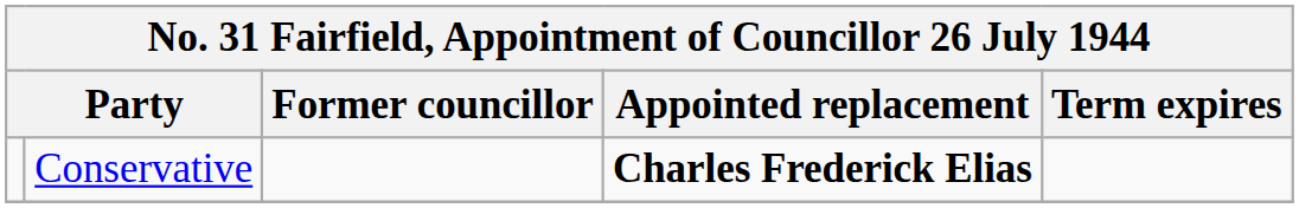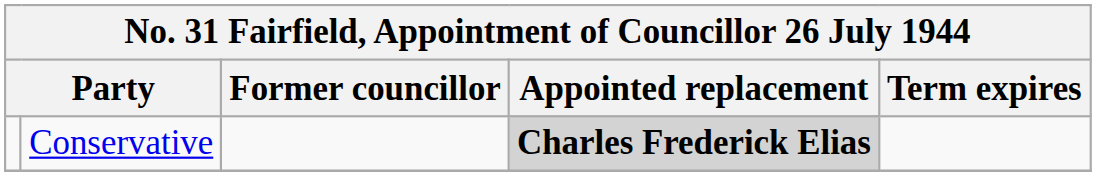 <table class="wikitable">
 <tr>
 <th colspan="5"><strong>No. 31 Fairfield, Appointment of Councillor 26 July 1944</strong></th>
 </tr>
 <tr>
 <th colspan="2">Party</th>
 <th>Former councillor</th>
 <th>Appointed replacement</th>
 <th>Term expires</th>
 </tr>
 <tr>
 <td style="background-color:"></td>
 <td><a href='#'>Conservative</a></td>
 <td></td>
-<td><strong>Charles Frederick Elias</strong></td>
+<td style="background: lightgrey;"><strong>Charles Frederick Elias</strong></td>
 <td></td>
 </tr>
 <tr>
 </tr>
 </table>
